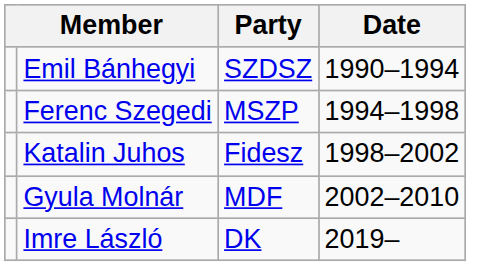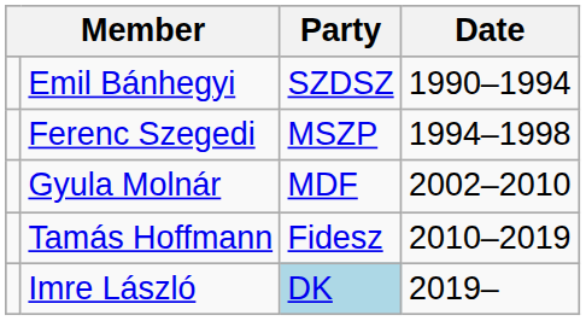 <table class=wikitable>
 <tr>
 <th colspan=2>Member</th>
 <th>Party</th>
 <th>Date</th>
 </tr>
 <tr>
 <td style="background-color:"></td>
 <td><a href='#'>Emil Bánhegyi</a></td>
 <td><a href='#'>SZDSZ</a></td>
 <td>1990–1994</td>
 </tr>
 <tr>
 <td style="background-color:"></td>
 <td><a href='#'>Ferenc Szegedi</a></td>
 <td><a href='#'>MSZP</a></td>
 <td>1994–1998</td>
 </tr>
 <tr>
 <td style="background-color:"></td>
-<td><a href='#'>Katalin Juhos</a></td>
-<td><a href='#'>Fidesz</a></td>
-<td>1998–2002</td>
-</tr>
-<tr>
-<td style="background-color:"></td>
 <td><a href='#'>Gyula Molnár</a></td>
 <td><a href='#'>MDF</a></td>
 <td>2002–2010</td>
 </tr>
 <tr>
 <td style="background-color:"></td>
+<td><a href='#'>Tamás Hoffmann</a></td>
+<td><a href='#'>Fidesz</a></td>
+<td>2010–2019</td>
+</tr>
+<tr>
+<td style="background-color:"></td>
 <td><a href='#'>Imre László</a></td>
-<td><a href='#'>DK</a></td>
+<td style="background: lightblue;"><a href='#'>DK</a></td>
 <td>2019–</td>
 </tr>
 </table>
